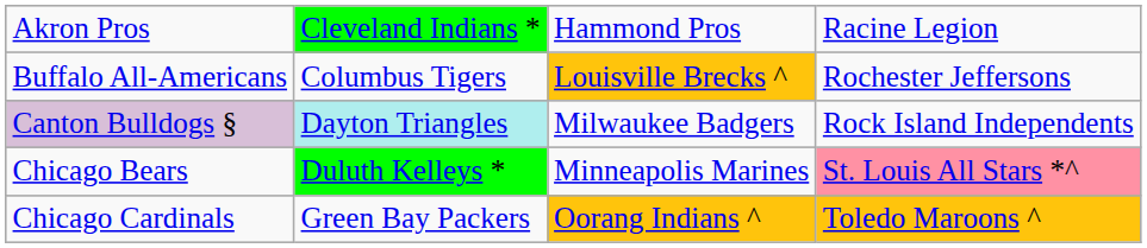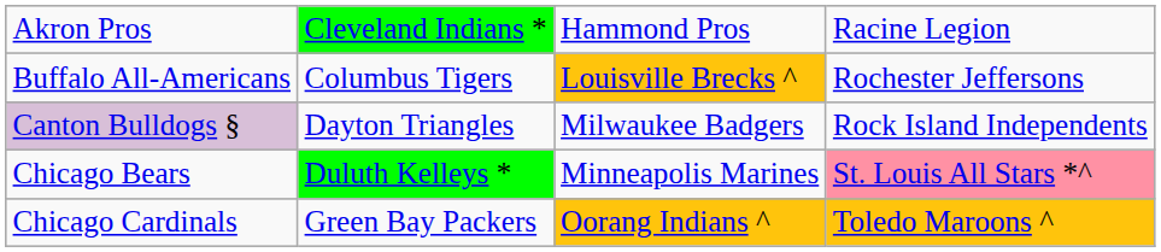 <table class="wikitable">
 <tr>
 <td><a href='#'>Akron Pros</a></td>
 <td style="background-color: #00FF00"><a href='#'>Cleveland Indians</a> *</td>
 <td><a href='#'>Hammond Pros</a></td>
 <td><a href='#'>Racine Legion</a></td>
 </tr>
 <tr>
 <td><a href='#'>Buffalo All-Americans</a></td>
 <td><a href='#'>Columbus Tigers</a></td>
 <td style="background-color: #FFC40C"><a href='#'>Louisville Brecks</a> ^</td>
 <td><a href='#'>Rochester Jeffersons</a></td>
 </tr>
 <tr>
 <td style="background-color: #D8BFD8"><a href='#'>Canton Bulldogs</a> §</td>
-<td style="background: paleturquoise;"><a href='#'>Dayton Triangles</a></td>
+<td><a href='#'>Dayton Triangles</a></td>
 <td><a href='#'>Milwaukee Badgers</a></td>
 <td><a href='#'>Rock Island Independents</a></td>
 </tr>
 <tr>
 <td><a href='#'>Chicago Bears</a></td>
 <td style="background-color: #00FF00"><a href='#'>Duluth Kelleys</a> *</td>
 <td><a href='#'>Minneapolis Marines</a></td>
 <td style="background-color: #FF91A4"><a href='#'>St. Louis All Stars</a> *^</td>
 </tr>
 <tr>
 <td><a href='#'>Chicago Cardinals</a></td>
 <td><a href='#'>Green Bay Packers</a></td>
 <td style="background-color: #FFC40C"><a href='#'>Oorang Indians</a> ^</td>
 <td style="background-color: #FFC40C"><a href='#'>Toledo Maroons</a>  ^</td>
 </tr>
 </table>
